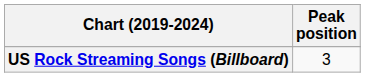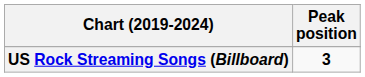 <table class="wikitable sortable plainrowheaders" style="text-align:center">
 <tr>
 <th>Chart (2019-2024)</th>
 <th>Peak<br>position</th>
 </tr>
 <tr>
 </tr>
 <tr>
 <th scope="row">US <a href='#'>Rock Streaming Songs</a> (<em>Billboard</em>)</th>
-<td>3</td>
+<td><strong>3</strong></td>
 </tr>
 </table>
